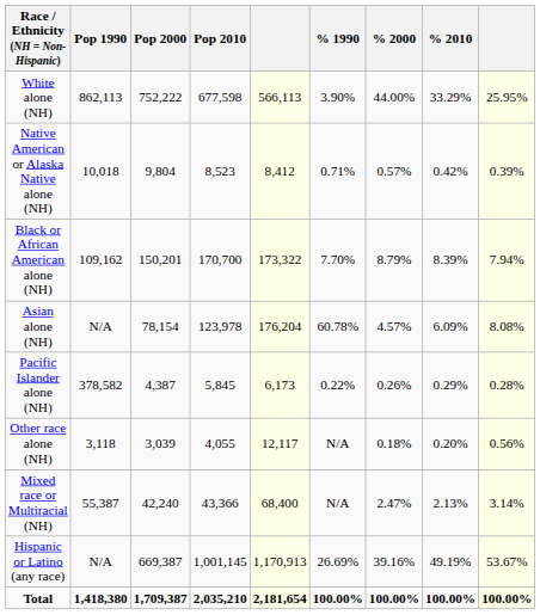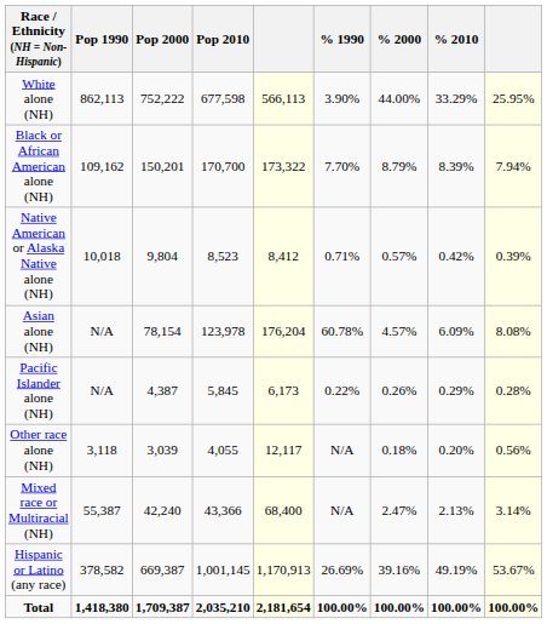 <table class="wikitable" style="text-align:center;">
 <tr>
 <th>Race / Ethnicity <small>(<em>NH = Non-Hispanic</em>)</small></th>
 <th>Pop 1990</th>
 <th>Pop 2000</th>
 <th>Pop 2010</th>
 <th></th>
 <th>% 1990</th>
 <th>% 2000</th>
 <th>% 2010</th>
 <th></th>
 </tr>
 <tr>
 <td><a href='#'>White</a> alone (NH)</td>
 <td>862,113</td>
 <td>752,222</td>
 <td>677,598</td>
 <td style='background: #ffffe6;'>566,113</td>
 <td>3.90%</td>
 <td>44.00%</td>
 <td>33.29%</td>
 <td style='background: #ffffe6;'>25.95%</td>
 </tr>
 <tr>
+<td><a href='#'>Black or African American</a> alone (NH)</td>
+<td>109,162</td>
+<td>150,201</td>
+<td>170,700</td>
+<td style='background: #ffffe6;'>173,322</td>
+<td>7.70%</td>
+<td>8.79%</td>
+<td>8.39%</td>
+<td style='background: #ffffe6;'>7.94%</td>
+</tr>
+<tr>
 <td><a href='#'>Native American</a> or <a href='#'>Alaska Native</a> alone (NH)</td>
 <td>10,018</td>
 <td>9,804</td>
 <td>8,523</td>
 <td style='background: #ffffe6;'>8,412</td>
 <td>0.71%</td>
 <td>0.57%</td>
 <td>0.42%</td>
 <td style='background: #ffffe6;'>0.39%</td>
-</tr>
-<tr>
-<td><a href='#'>Black or African American</a> alone (NH)</td>
-<td>109,162</td>
-<td>150,201</td>
-<td>170,700</td>
-<td style='background: #ffffe6;'>173,322</td>
-<td>7.70%</td>
-<td>8.79%</td>
-<td>8.39%</td>
-<td style='background: #ffffe6;'>7.94%</td>
 </tr>
 <tr>
 <td><a href='#'>Asian</a> alone (NH)</td>
 <td>N/A</td>
 <td>78,154</td>
 <td>123,978</td>
 <td style='background: #ffffe6;'>176,204</td>
 <td>60.78%</td>
 <td>4.57%</td>
 <td>6.09%</td>
 <td style='background: #ffffe6;'>8.08%</td>
 </tr>
 <tr>
 <td><a href='#'>Pacific Islander</a> alone (NH)</td>
-<td>378,582</td>
+<td>N/A</td>
 <td>4,387</td>
 <td>5,845</td>
 <td style='background: #ffffe6;'>6,173</td>
 <td>0.22%</td>
 <td>0.26%</td>
 <td>0.29%</td>
 <td style='background: #ffffe6;'>0.28%</td>
 </tr>
 <tr>
 <td><a href='#'>Other race</a> alone (NH)</td>
 <td>3,118</td>
 <td>3,039</td>
 <td>4,055</td>
 <td style='background: #ffffe6;'>12,117</td>
 <td>N/A</td>
 <td>0.18%</td>
 <td>0.20%</td>
 <td style='background: #ffffe6;'>0.56%</td>
 </tr>
 <tr>
 <td><a href='#'>Mixed race or Multiracial</a> (NH)</td>
 <td>55,387</td>
 <td>42,240</td>
 <td>43,366</td>
 <td style='background: #ffffe6;'>68,400</td>
 <td>N/A</td>
 <td>2.47%</td>
 <td>2.13%</td>
 <td style='background: #ffffe6;'>3.14%</td>
 </tr>
 <tr>
 <td><a href='#'>Hispanic or Latino</a> (any race)</td>
-<td>N/A</td>
+<td>378,582</td>
 <td>669,387</td>
 <td>1,001,145</td>
 <td style='background: #ffffe6;'>1,170,913</td>
 <td>26.69%</td>
 <td>39.16%</td>
 <td>49.19%</td>
 <td style='background: #ffffe6;'>53.67%</td>
 </tr>
 <tr>
 <td><strong>Total</strong></td>
 <td><strong>1,418,380</strong></td>
 <td><strong>1,709,387</strong></td>
 <td><strong>2,035,210</strong></td>
 <td style='background: #ffffe6;'><strong>2,181,654</strong></td>
 <td><strong>100.00%</strong></td>
 <td><strong>100.00%</strong></td>
 <td><strong>100.00%</strong></td>
 <td style='background: #ffffe6;'><strong>100.00%</strong></td>
 </tr>
 </table>
